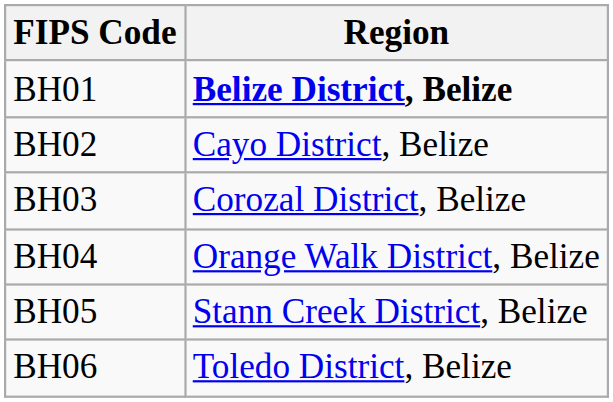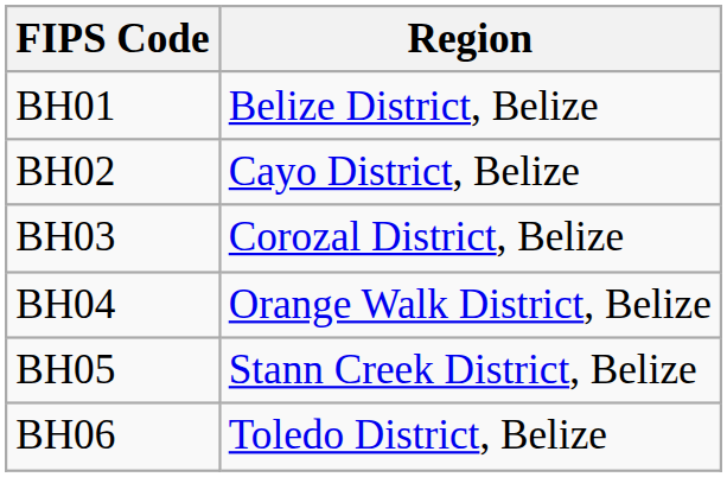 <table class="wikitable">
 <tr>
 <th>FIPS Code</th>
 <th>Region</th>
 </tr>
 <tr>
 <td>BH01</td>
-<td><strong><a href='#'>Belize District</a>, Belize</strong></td>
+<td><a href='#'>Belize District</a>, Belize</td>
 </tr>
 <tr>
 <td>BH02</td>
 <td><a href='#'>Cayo District</a>, Belize</td>
 </tr>
 <tr>
 <td>BH03</td>
 <td><a href='#'>Corozal District</a>, Belize</td>
 </tr>
 <tr>
 <td>BH04</td>
 <td><a href='#'>Orange Walk District</a>, Belize</td>
 </tr>
 <tr>
 <td>BH05</td>
 <td><a href='#'>Stann Creek District</a>, Belize</td>
 </tr>
 <tr>
 <td>BH06</td>
 <td><a href='#'>Toledo District</a>, Belize</td>
 </tr>
 </table>
